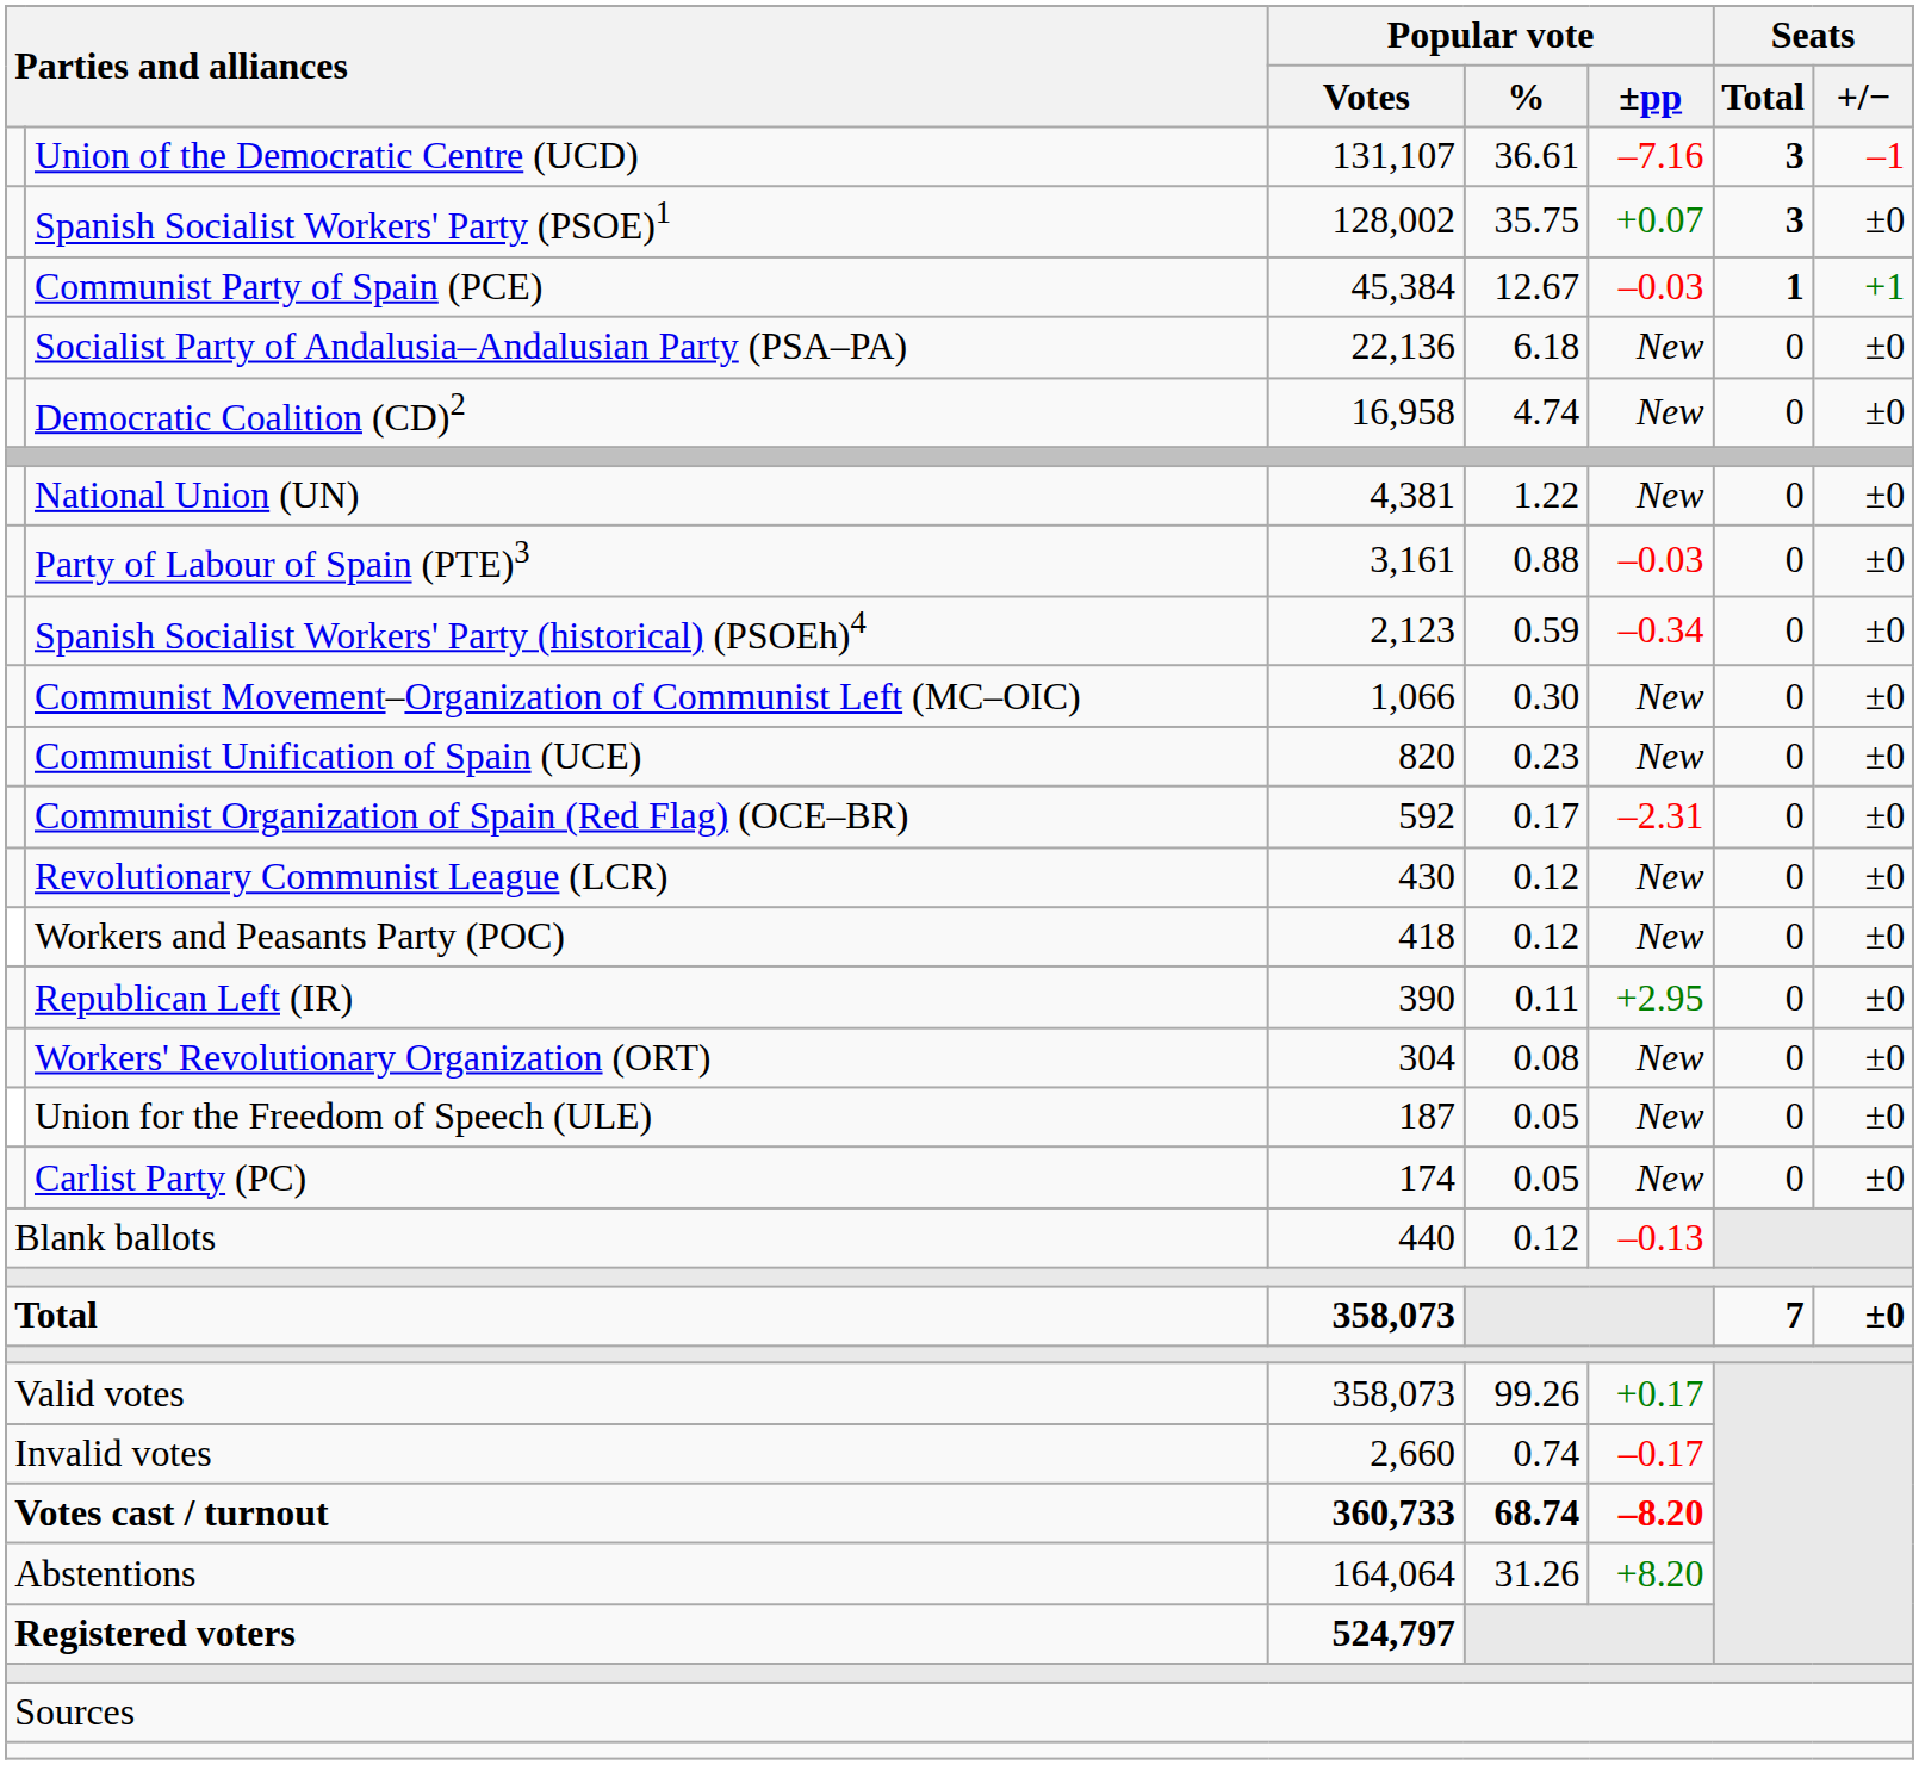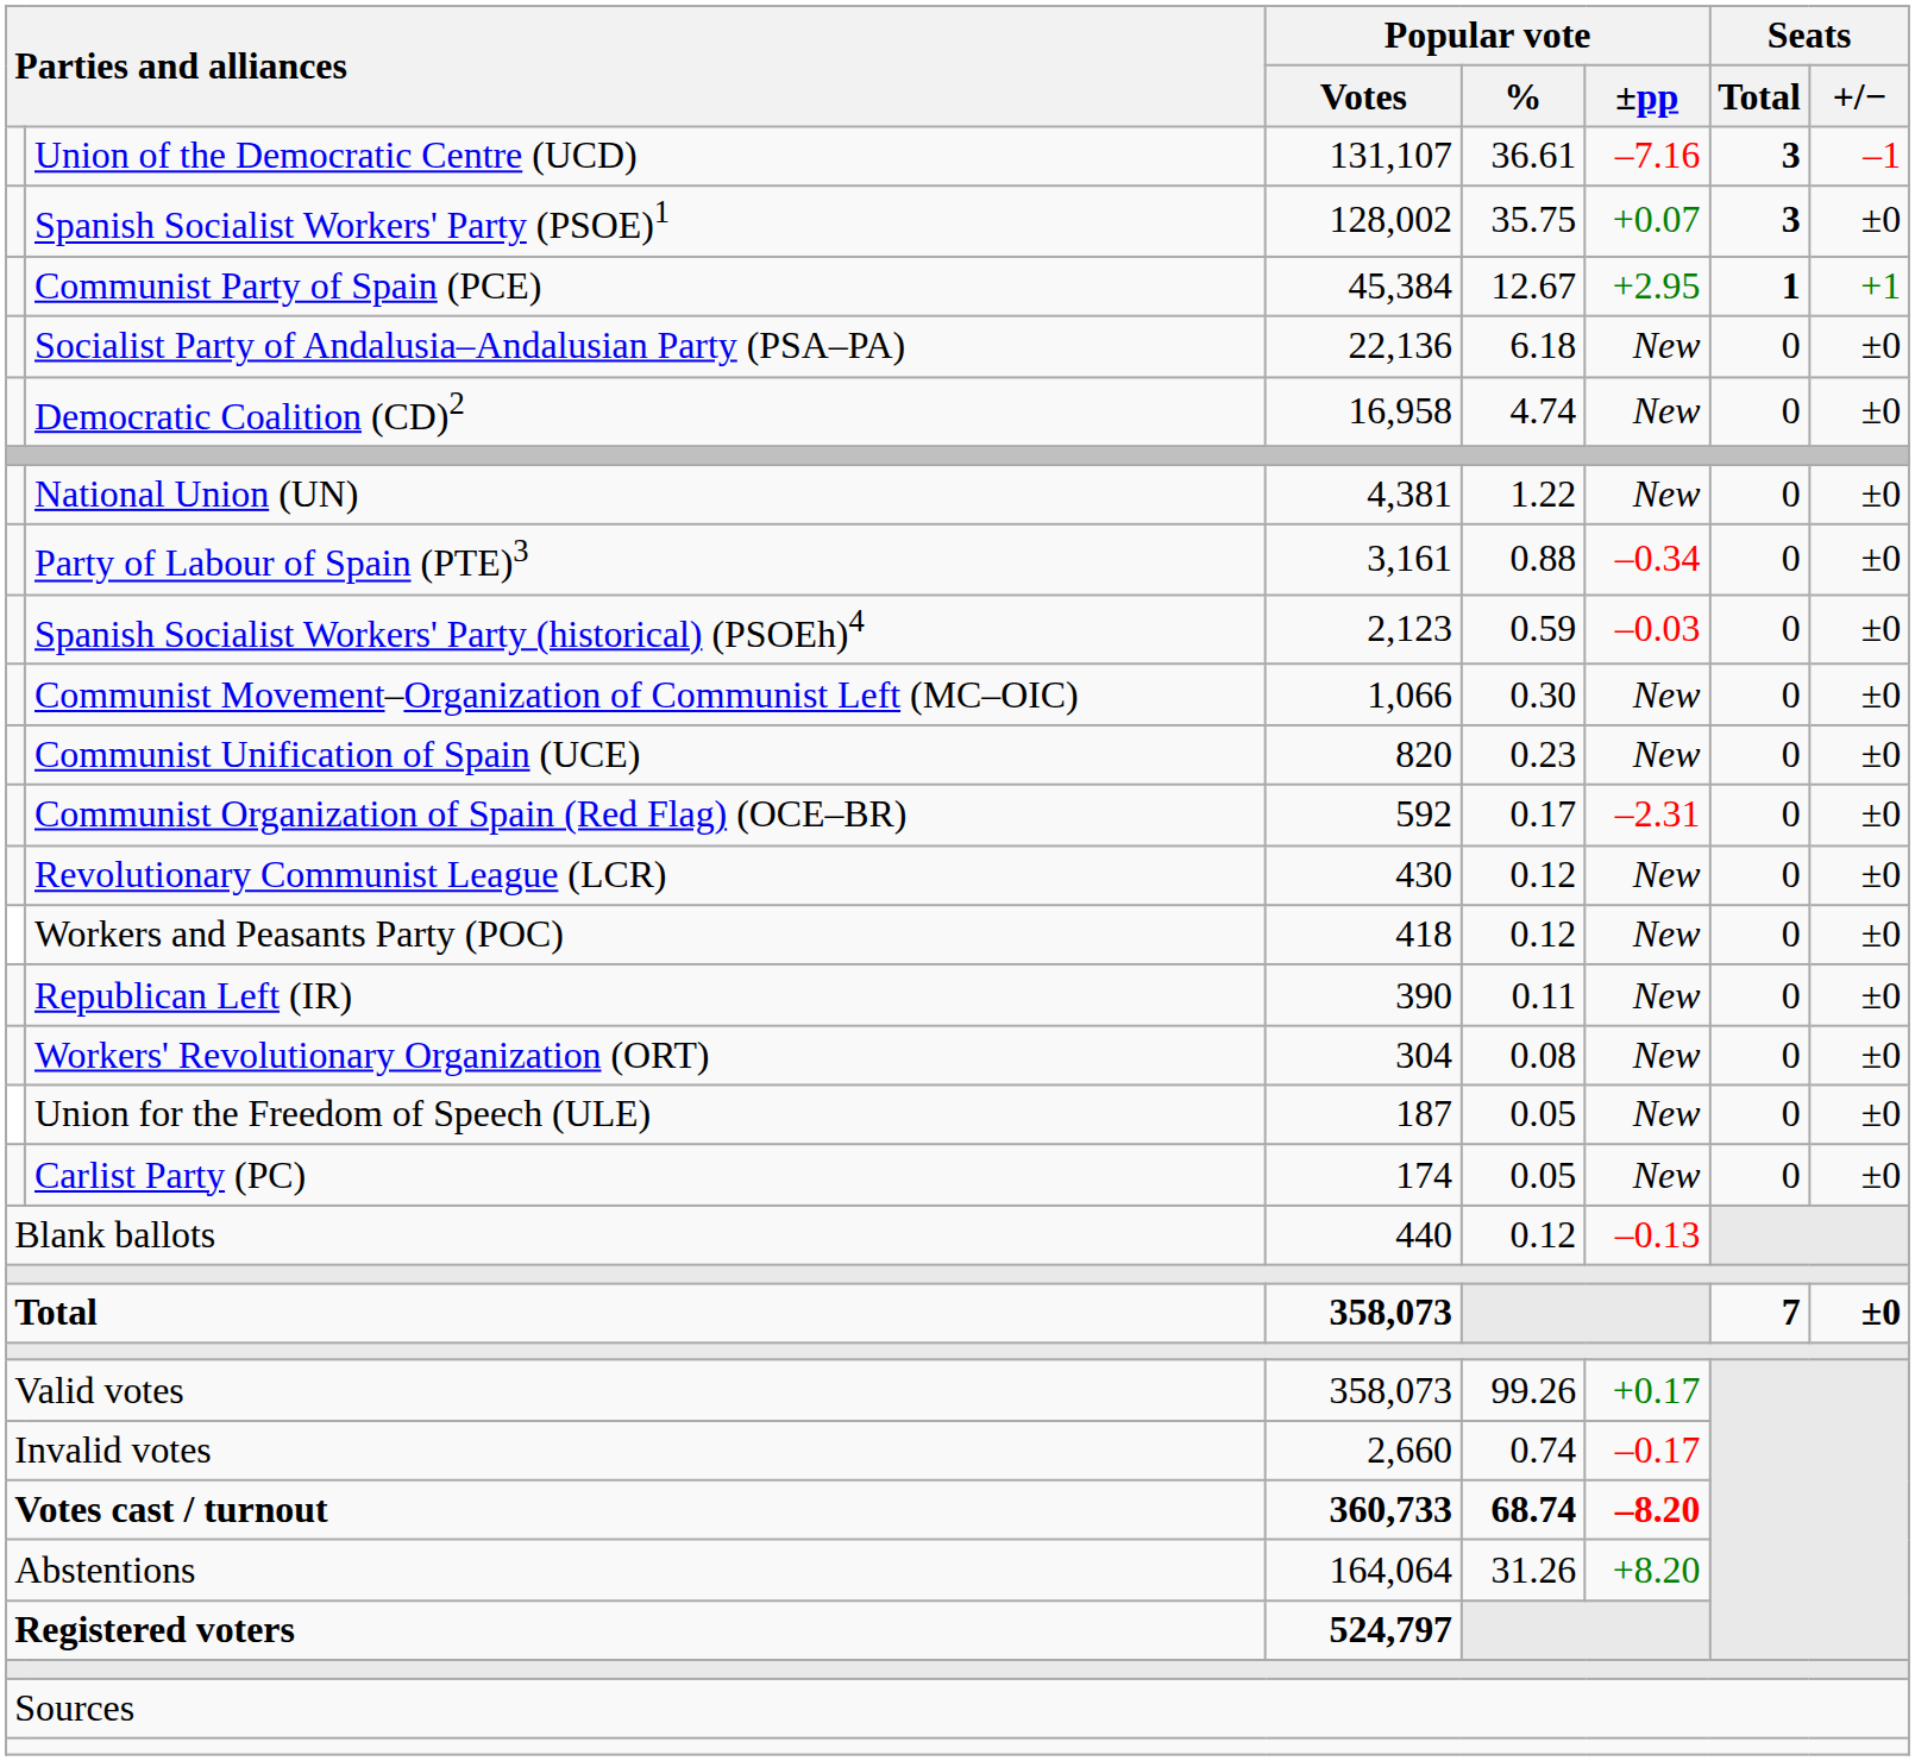 <table class="wikitable" style="text-align:right;">
 <tr>
 <th style="text-align:left;" rowspan="2" colspan="2" width="525">Parties and alliances</th>
 <th colspan="3">Popular vote</th>
 <th colspan="2">Seats</th>
 </tr>
 <tr>
 <th width="75">Votes</th>
 <th width="45">%</th>
 <th width="45">±<a href='#'>pp</a></th>
 <th width="35">Total</th>
 <th width="35">+/−</th>
 </tr>
 <tr>
 <td width="1" style="color:inherit;background:"></td>
 <td align="left"><a href='#'>Union of the Democratic Centre</a> (UCD)</td>
 <td>131,107</td>
 <td>36.61</td>
 <td style="color:red;">–7.16</td>
 <td><strong>3</strong></td>
 <td style="color:red;">–1</td>
 </tr>
 <tr>
 <td style="color:inherit;background:"></td>
 <td align="left"><a href='#'>Spanish Socialist Workers' Party</a> (PSOE)<sup>1</sup></td>
 <td>128,002</td>
 <td>35.75</td>
 <td style="color:green;">+0.07</td>
 <td><strong>3</strong></td>
 <td>±0</td>
 </tr>
 <tr>
 <td style="color:inherit;background:"></td>
 <td align="left"><a href='#'>Communist Party of Spain</a> (PCE)</td>
 <td>45,384</td>
 <td>12.67</td>
-<td style="color:red;">–0.03</td>
+<td style="color:green;">+2.95</td>
 <td><strong>1</strong></td>
 <td style="color:green;">+1</td>
 </tr>
 <tr>
 <td style="color:inherit;background:"></td>
 <td align="left"><a href='#'>Socialist Party of Andalusia–Andalusian Party</a> (PSA–PA)</td>
 <td>22,136</td>
 <td>6.18</td>
 <td><em>New</em></td>
 <td>0</td>
 <td>±0</td>
 </tr>
 <tr>
 <td style="color:inherit;background:"></td>
 <td align="left"><a href='#'>Democratic Coalition</a> (CD)<sup>2</sup></td>
 <td>16,958</td>
 <td>4.74</td>
 <td><em>New</em></td>
 <td>0</td>
 <td>±0</td>
 </tr>
 <tr>
 <td colspan="7" bgcolor="#C0C0C0"></td>
 </tr>
 <tr>
 <td style="color:inherit;background:"></td>
 <td align="left"><a href='#'>National Union</a> (UN)</td>
 <td>4,381</td>
 <td>1.22</td>
 <td><em>New</em></td>
 <td>0</td>
 <td>±0</td>
 </tr>
 <tr>
 <td style="color:inherit;background:"></td>
 <td align="left"><a href='#'>Party of Labour of Spain</a> (PTE)<sup>3</sup></td>
 <td>3,161</td>
 <td>0.88</td>
-<td style="color:red;">–0.03</td>
+<td style="color:red;">–0.34</td>
 <td>0</td>
 <td>±0</td>
 </tr>
 <tr>
 <td style="color:inherit;background:"></td>
 <td align="left"><a href='#'>Spanish Socialist Workers' Party (historical)</a> (PSOEh)<sup>4</sup></td>
 <td>2,123</td>
 <td>0.59</td>
-<td style="color:red;">–0.34</td>
+<td style="color:red;">–0.03</td>
 <td>0</td>
 <td>±0</td>
 </tr>
 <tr>
 <td style="color:inherit;background:"></td>
 <td align="left"><a href='#'>Communist Movement</a>–<a href='#'>Organization of Communist Left</a> (MC–OIC)</td>
 <td>1,066</td>
 <td>0.30</td>
 <td><em>New</em></td>
 <td>0</td>
 <td>±0</td>
 </tr>
 <tr>
 <td style="color:inherit;background:"></td>
 <td align="left"><a href='#'>Communist Unification of Spain</a> (UCE)</td>
 <td>820</td>
 <td>0.23</td>
 <td><em>New</em></td>
 <td>0</td>
 <td>±0</td>
 </tr>
 <tr>
 <td style="color:inherit;background:"></td>
 <td align="left"><a href='#'>Communist Organization of Spain (Red Flag)</a> (OCE–BR)</td>
 <td>592</td>
 <td>0.17</td>
 <td style="color:red;">–2.31</td>
 <td>0</td>
 <td>±0</td>
 </tr>
 <tr>
 <td style="color:inherit;background:"></td>
 <td align="left"><a href='#'>Revolutionary Communist League</a> (LCR)</td>
 <td>430</td>
 <td>0.12</td>
 <td><em>New</em></td>
 <td>0</td>
 <td>±0</td>
 </tr>
 <tr>
 <td bgcolor="white"></td>
 <td align="left">Workers and Peasants Party (POC)</td>
 <td>418</td>
 <td>0.12</td>
 <td><em>New</em></td>
 <td>0</td>
 <td>±0</td>
 </tr>
 <tr>
 <td style="color:inherit;background:"></td>
 <td align="left"><a href='#'>Republican Left</a> (IR)</td>
 <td>390</td>
 <td>0.11</td>
-<td style="color:green;">+2.95</td>
+<td><em>New</em></td>
 <td>0</td>
 <td>±0</td>
 </tr>
 <tr>
 <td style="color:inherit;background:"></td>
 <td align="left"><a href='#'>Workers' Revolutionary Organization</a> (ORT)</td>
 <td>304</td>
 <td>0.08</td>
 <td><em>New</em></td>
 <td>0</td>
 <td>±0</td>
 </tr>
 <tr>
 <td bgcolor="white"></td>
 <td align="left">Union for the Freedom of Speech (ULE)</td>
 <td>187</td>
 <td>0.05</td>
 <td><em>New</em></td>
 <td>0</td>
 <td>±0</td>
 </tr>
 <tr>
 <td style="color:inherit;background:"></td>
 <td align="left"><a href='#'>Carlist Party</a> (PC)</td>
 <td>174</td>
 <td>0.05</td>
 <td><em>New</em></td>
 <td>0</td>
 <td>±0</td>
 </tr>
 <tr>
 <td align="left" colspan="2">Blank ballots</td>
 <td>440</td>
 <td>0.12</td>
 <td style="color:red;">–0.13</td>
 <td bgcolor="#E9E9E9" colspan="2"></td>
 </tr>
 <tr>
 <td colspan="7" bgcolor="#E9E9E9"></td>
 </tr>
 <tr style="font-weight:bold;">
 <td align="left" colspan="2">Total</td>
 <td>358,073</td>
 <td bgcolor="#E9E9E9" colspan="2"></td>
 <td>7</td>
 <td>±0</td>
 </tr>
 <tr>
 <td colspan="7" bgcolor="#E9E9E9"></td>
 </tr>
 <tr>
 <td align="left" colspan="2">Valid votes</td>
 <td>358,073</td>
 <td>99.26</td>
 <td style="color:green;">+0.17</td>
 <td bgcolor="#E9E9E9" colspan="2" rowspan="5"></td>
 </tr>
 <tr>
 <td align="left" colspan="2">Invalid votes</td>
 <td>2,660</td>
 <td>0.74</td>
 <td style="color:red;">–0.17</td>
 </tr>
 <tr style="font-weight:bold;">
 <td align="left" colspan="2">Votes cast / turnout</td>
 <td>360,733</td>
 <td>68.74</td>
 <td style="color:red;">–8.20</td>
 </tr>
 <tr>
 <td align="left" colspan="2">Abstentions</td>
 <td>164,064</td>
 <td>31.26</td>
 <td style="color:green;">+8.20</td>
 </tr>
 <tr style="font-weight:bold;">
 <td align="left" colspan="2">Registered voters</td>
 <td>524,797</td>
 <td bgcolor="#E9E9E9" colspan="2"></td>
 </tr>
 <tr>
 <td colspan="7" bgcolor="#E9E9E9"></td>
 </tr>
 <tr>
 <td align="left" colspan="7">Sources</td>
 </tr>
 <tr>
 <td colspan="7" style="text-align:left; max-width:790px;"></td>
 </tr>
 </table>
